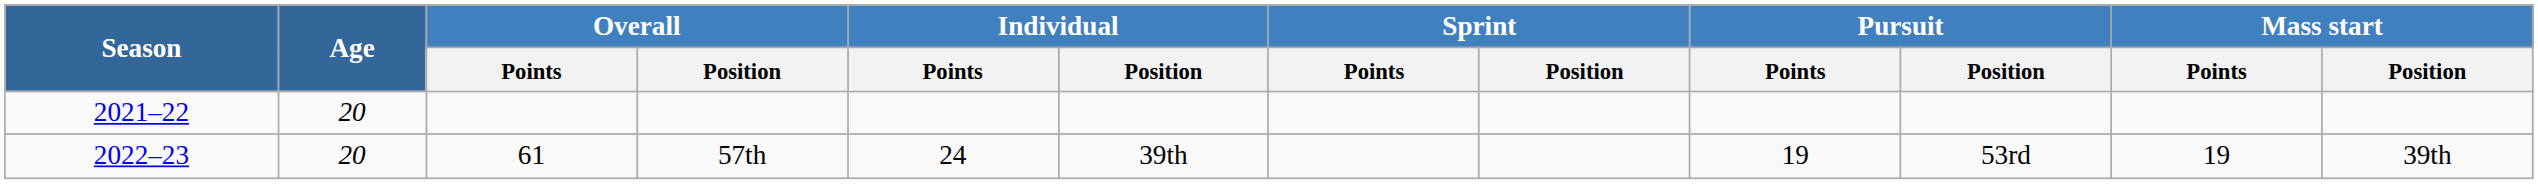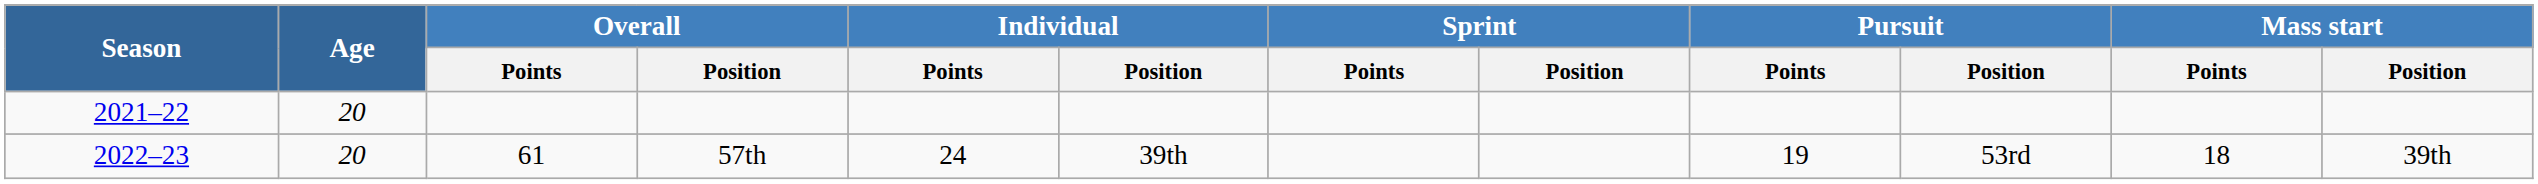 <table class="wikitable" style="text-align:center;" width="75%">
 <tr class="hintergrundfarbe5">
 </tr>
 <tr style="background:#efefef;">
 <th rowspan="2" style="background-color:#369; color:white; width:80px">Season</th>
 <th rowspan="2" style="background-color:#369; color:white; width:40px">Age</th>
 <th colspan="2" style="background-color:#4180be; color:white; width:116px;">Overall</th>
 <th colspan="2" style="background-color:#4180be; color:white; width:116px;">Individual</th>
 <th colspan="2" style="background-color:#4180be; color:white; width:116px;">Sprint</th>
 <th colspan="2" style="background-color:#4180be; color:white; width:116px;">Pursuit</th>
 <th colspan="2" style="background-color:#4180be; color:white; width:116px;">Mass start</th>
 </tr>
 <tr class="hintergrundfarbe5">
 <th style="width:60px;"><small>Points</small></th>
 <th style="width:60px;"><small>Position</small></th>
 <th style="width:60px;"><small>Points</small></th>
 <th style="width:60px;"><small>Position</small></th>
 <th style="width:60px;"><small>Points</small></th>
 <th style="width:60px;"><small>Position</small></th>
 <th style="width:60px;"><small>Points</small></th>
 <th style="width:60px;"><small>Position</small></th>
 <th style="width:60px;"><small>Points</small></th>
 <th style="width:60px;"><small>Position</small></th>
 </tr>
 <tr>
 <td><a href='#'>2021–22</a></td>
 <td><em>20</em></td>
 <td></td>
 <td></td>
 <td></td>
 <td></td>
 <td></td>
 <td></td>
 <td></td>
 <td></td>
 <td></td>
 <td></td>
 </tr>
 <tr>
 <td><a href='#'>2022–23</a></td>
 <td><em>20</em></td>
 <td>61</td>
 <td>57th</td>
 <td>24</td>
 <td>39th</td>
 <td></td>
 <td></td>
 <td>19</td>
 <td>53rd</td>
-<td>19</td>
+<td>18</td>
 <td>39th</td>
 </tr>
 </table>
